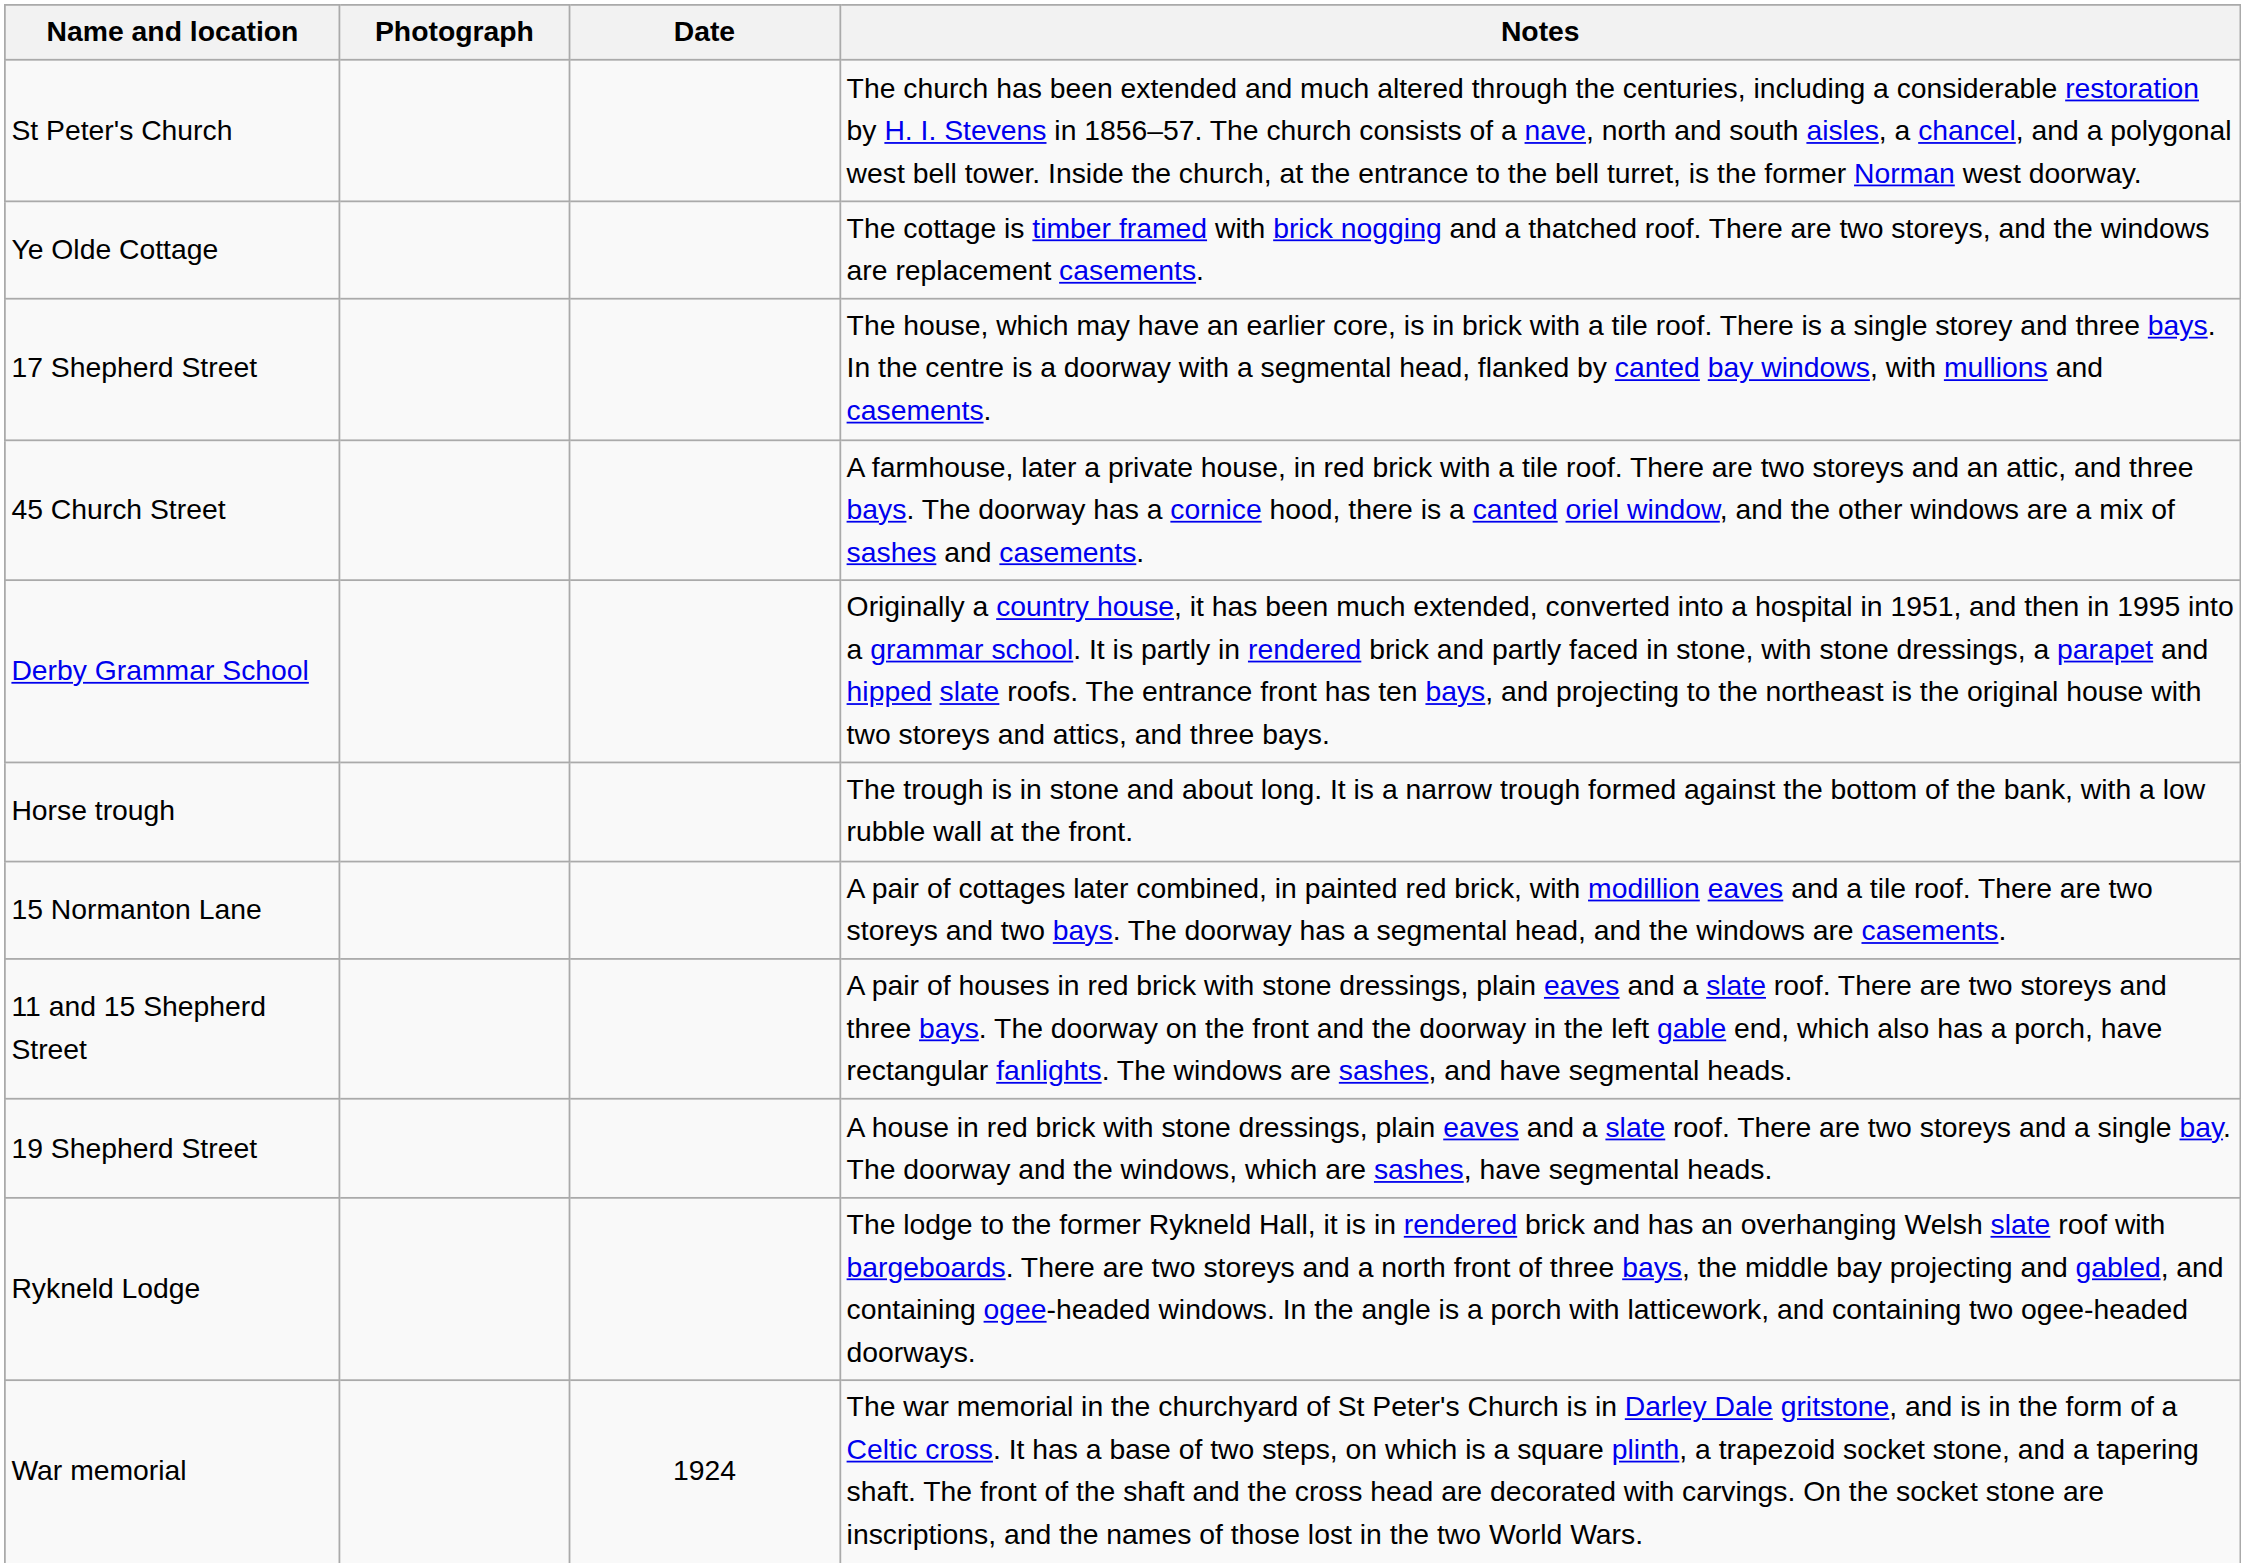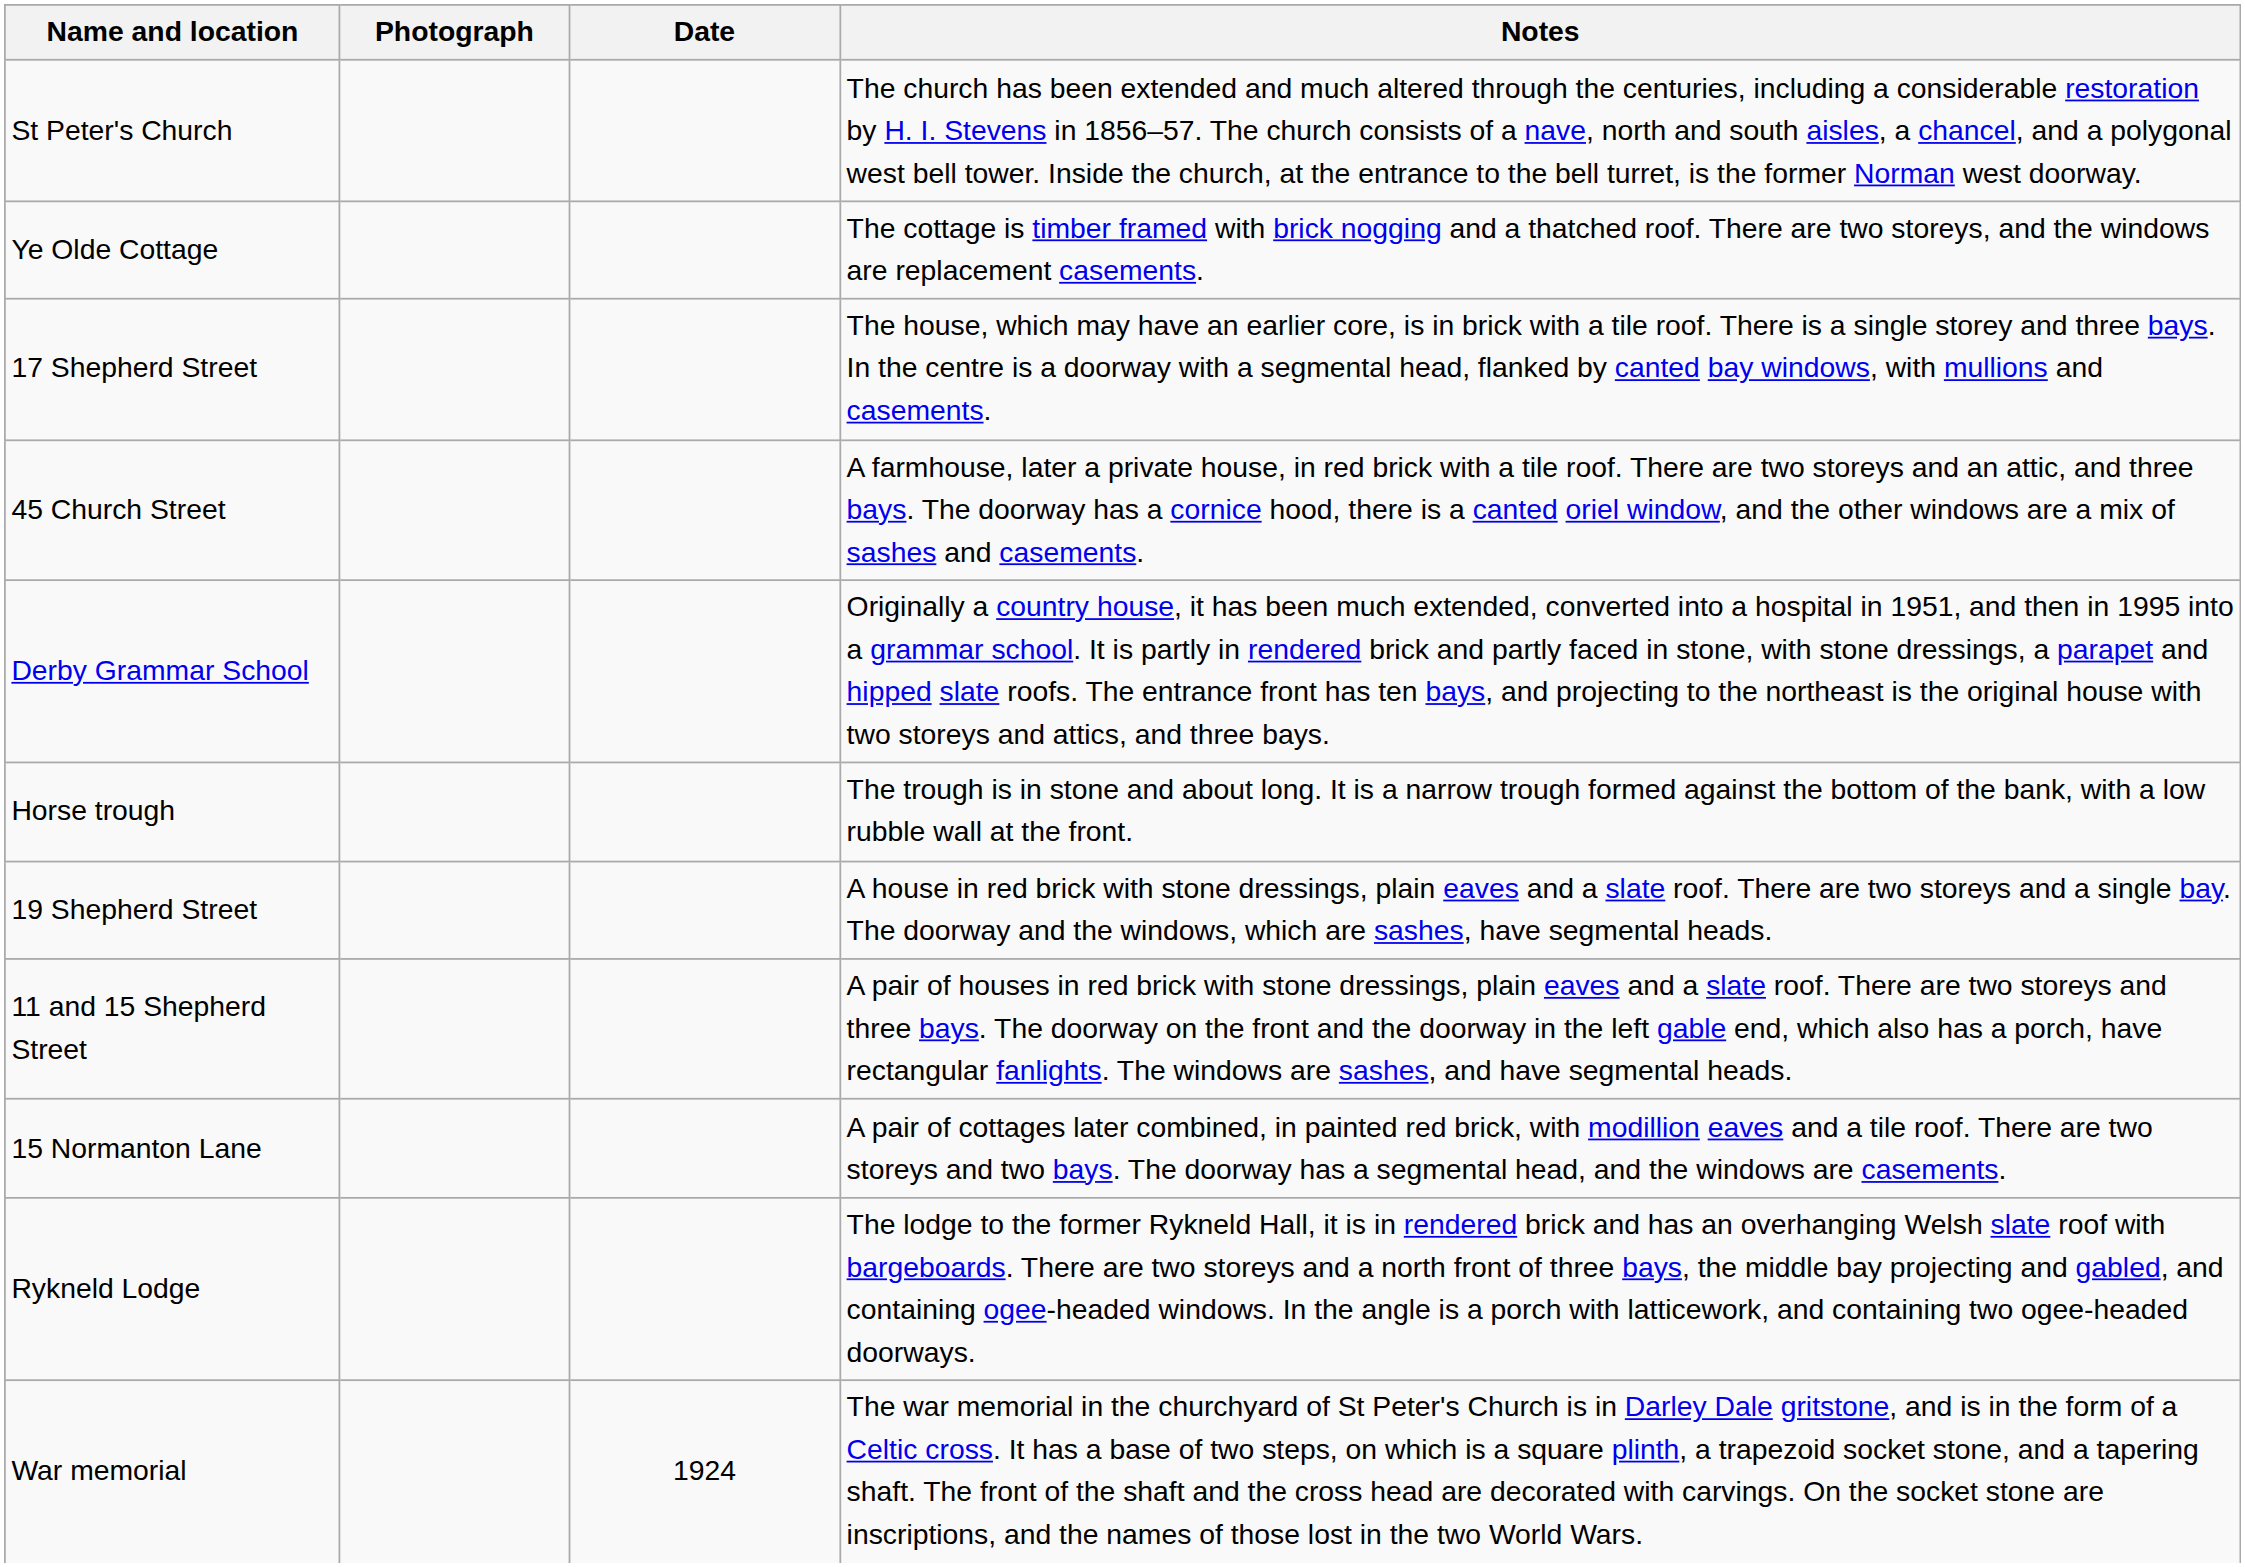 <table class="wikitable sortable plainrowheaders" style="width:100%;border:0px;text-align:left;line-height:150%;">
 <tr>
 <th scope="col"  style="width:150px">Name and location</th>
 <th scope="col"  style="width:100px" class="unsortable">Photograph</th>
 <th scope="col"  style="width:120px">Date</th>
 <th scope="col"  style="width:650px" class="unsortable">Notes</th>
 </tr>
 <tr>
 <td>St Peter's Church<br><small></small></td>
 <td></td>
 <td align="center"></td>
 <td>The church has been extended and much altered through the centuries, including a considerable <a href='#'>restoration</a> by <a href='#'>H. I. Stevens</a> in 1856–57.  The church consists of a <a href='#'>nave</a>, north and south <a href='#'>aisles</a>, a <a href='#'>chancel</a>, and a polygonal west bell tower.  Inside the church, at the entrance to the bell turret, is the former <a href='#'>Norman</a> west doorway.</td>
 </tr>
 <tr>
 <td>Ye Olde Cottage<br><small></small></td>
 <td></td>
 <td align="center"></td>
 <td>The cottage is <a href='#'>timber framed</a> with <a href='#'>brick nogging</a> and a thatched roof.  There are two storeys, and the windows are replacement <a href='#'>casements</a>.</td>
 </tr>
 <tr>
 <td>17 Shepherd Street<br><small></small></td>
 <td></td>
 <td align="center"></td>
 <td>The house, which may have an earlier core, is in brick with a tile roof.  There is a single storey and three <a href='#'>bays</a>.  In the centre is a doorway with a segmental head, flanked by <a href='#'>canted</a> <a href='#'>bay windows</a>, with <a href='#'>mullions</a> and <a href='#'>casements</a>.</td>
 </tr>
 <tr>
 <td>45 Church Street<br><small></small></td>
 <td></td>
 <td align="center"></td>
 <td>A farmhouse, later a private house, in red brick with a tile roof.  There are two storeys and an attic, and three <a href='#'>bays</a>.  The doorway has a <a href='#'>cornice</a> hood, there is a <a href='#'>canted</a> <a href='#'>oriel window</a>, and the other windows are a mix of <a href='#'>sashes</a> and <a href='#'>casements</a>.</td>
 </tr>
 <tr>
 <td><a href='#'>Derby Grammar School</a><br><small></small></td>
 <td></td>
 <td align="center"></td>
 <td>Originally a <a href='#'>country house</a>, it has been much extended, converted into a hospital in 1951, and then in 1995 into a <a href='#'>grammar school</a>.  It is partly in <a href='#'>rendered</a> brick and partly faced in stone, with stone dressings, a <a href='#'>parapet</a> and <a href='#'>hipped</a> <a href='#'>slate</a> roofs.  The entrance front has ten <a href='#'>bays</a>, and projecting to the northeast is the original house with two storeys and attics, and three bays.</td>
 </tr>
 <tr>
 <td>Horse trough<br><small></small></td>
 <td></td>
 <td align="center"></td>
 <td>The trough is in stone and about  long.  It is a narrow trough formed against the bottom of the bank, with a low rubble wall at the front.</td>
 </tr>
 <tr>
-<td>15 Normanton Lane<br><small></small></td>
+<td>19 Shepherd Street<br><small></small></td>
 <td></td>
 <td align="center"></td>
-<td>A pair of cottages later combined, in painted red brick, with <a href='#'>modillion</a> <a href='#'>eaves</a> and a tile roof.  There are two storeys and two <a href='#'>bays</a>.  The doorway has a segmental head, and the windows are <a href='#'>casements</a>.</td>
+<td>A house in red brick with stone dressings, plain <a href='#'>eaves</a> and a <a href='#'>slate</a> roof.  There are two storeys and a single <a href='#'>bay</a>.  The doorway and the windows, which are <a href='#'>sashes</a>, have segmental heads.</td>
 </tr>
 <tr>
 <td>11 and 15 Shepherd Street<br><small></small></td>
 <td></td>
 <td align="center"></td>
 <td>A pair of houses in red brick with stone dressings, plain <a href='#'>eaves</a> and a <a href='#'>slate</a> roof.  There are two storeys and three <a href='#'>bays</a>.  The doorway on the front and the doorway in the left <a href='#'>gable</a> end, which also has a porch, have rectangular <a href='#'>fanlights</a>.  The windows are <a href='#'>sashes</a>, and have segmental heads.</td>
 </tr>
 <tr>
-<td>19 Shepherd Street<br><small></small></td>
+<td>15 Normanton Lane<br><small></small></td>
 <td></td>
 <td align="center"></td>
-<td>A house in red brick with stone dressings, plain <a href='#'>eaves</a> and a <a href='#'>slate</a> roof.  There are two storeys and a single <a href='#'>bay</a>.  The doorway and the windows, which are <a href='#'>sashes</a>, have segmental heads.</td>
+<td>A pair of cottages later combined, in painted red brick, with <a href='#'>modillion</a> <a href='#'>eaves</a> and a tile roof.  There are two storeys and two <a href='#'>bays</a>.  The doorway has a segmental head, and the windows are <a href='#'>casements</a>.</td>
 </tr>
 <tr>
 <td>Rykneld Lodge<br><small></small></td>
 <td></td>
 <td align="center"></td>
 <td>The lodge to the former Rykneld Hall, it is in <a href='#'>rendered</a> brick and has an overhanging Welsh <a href='#'>slate</a> roof with <a href='#'>bargeboards</a>.  There are two storeys and a north front of three <a href='#'>bays</a>, the middle bay projecting and <a href='#'>gabled</a>, and containing <a href='#'>ogee</a>-headed windows.  In the angle is a porch with latticework, and containing two ogee-headed doorways.</td>
 </tr>
 <tr>
 <td>War memorial<br><small></small></td>
 <td></td>
 <td align="center">1924</td>
 <td>The war memorial in the churchyard of St Peter's Church is in <a href='#'>Darley Dale</a> <a href='#'>gritstone</a>, and is in the form of a <a href='#'>Celtic cross</a>.  It has a base of two steps, on which is a square <a href='#'>plinth</a>, a trapezoid socket stone, and a tapering shaft.  The front of the shaft and the cross head are decorated with carvings. On the socket stone are inscriptions, and the names of those lost in the two World Wars.</td>
 </tr>
 <tr>
 </tr>
 </table>
